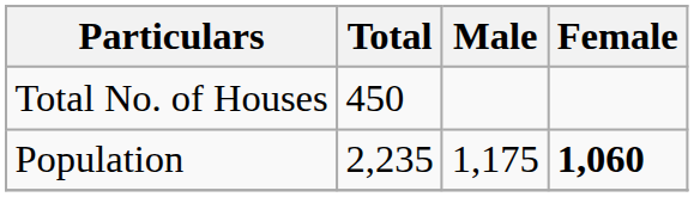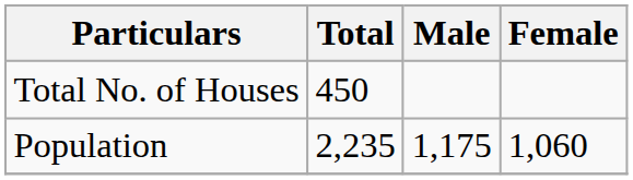 <table class="wikitable sortable">
 <tr>
 <th>Particulars</th>
 <th>Total</th>
 <th>Male</th>
 <th>Female</th>
 </tr>
 <tr>
 <td>Total No. of Houses</td>
 <td>450</td>
 <td></td>
 <td></td>
 </tr>
 <tr>
 <td>Population</td>
 <td>2,235</td>
 <td>1,175</td>
-<td><strong>1,060</strong></td>
+<td>1,060</td>
 </tr>
 <tr>
 </tr>
 </table>
